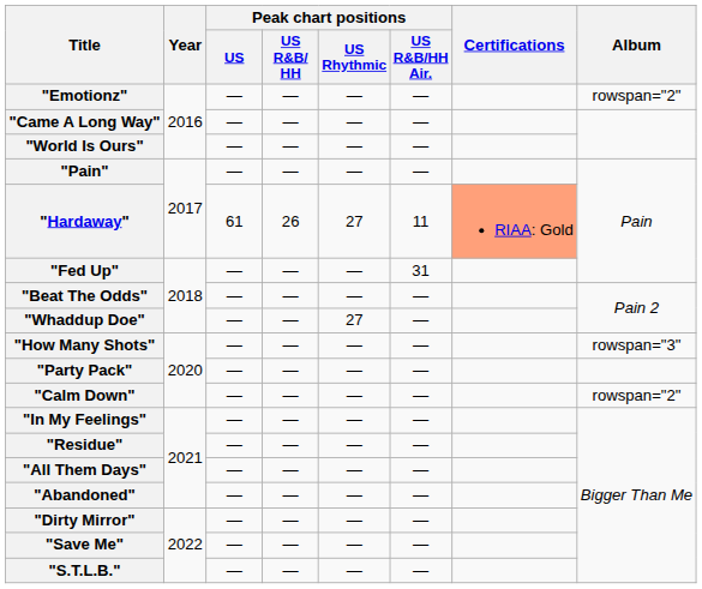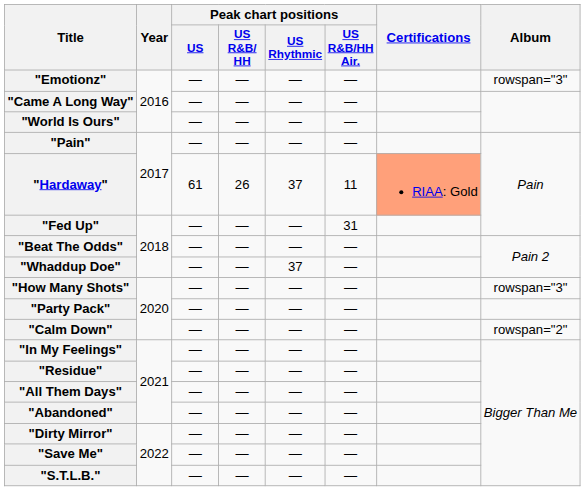 <table class="wikitable plainrowheaders" style="text-align:center;">
 <tr>
 <th rowspan="2">Title</th>
 <th rowspan="2">Year</th>
 <th colspan="4">Peak chart positions</th>
 <th rowspan="2"><a href='#'>Certifications</a></th>
 <th rowspan="2">Album</th>
 </tr>
 <tr>
 <th scope="col" style="width:3.5em;font-size:90%;"><a href='#'>US</a><br></th>
 <th scope="col" style="width:3.5em;font-size:90%;"><a href='#'>US<br>R&B/<br>HH</a><br></th>
 <th scope="col" style="width:3.5em;font-size:90%;"><a href='#'>US<br>Rhythmic</a><br></th>
 <th scope="col" style="width:3.5em;font-size:90%;"><a href='#'>US<br>R&B/HH<br>Air.</a><br></th>
 </tr>
 <tr>
 <th scope="row">"Emotionz"<br></th>
 <td rowspan="3">2016</td>
 <td>—</td>
 <td>—</td>
 <td>—</td>
 <td>—</td>
 <td></td>
-<td>rowspan="2" </td>
+<td>rowspan="3" </td>
 </tr>
 <tr>
 <th scope="row">"Came A Long Way"<br></th>
 <td>—</td>
 <td>—</td>
 <td>—</td>
 <td>—</td>
 <td></td>
 </tr>
 <tr>
 <th scope="row">"World Is Ours"<br></th>
 <td>—</td>
 <td>—</td>
 <td>—</td>
 <td>—</td>
 <td></td>
 </tr>
 <tr>
 <th scope="row">"Pain"</th>
 <td rowspan="2">2017</td>
 <td>—</td>
 <td>—</td>
 <td>—</td>
 <td>—</td>
 <td></td>
 <td rowspan="3"><em>Pain</em></td>
 </tr>
 <tr>
 <th scope="row">"<a href='#'>Hardaway</a>"<br></th>
 <td>61</td>
 <td>26</td>
-<td>27</td>
+<td>37</td>
 <td>11</td>
 <td style="background: lightsalmon;"><br><ul><li><a href='#'>RIAA</a>: Gold</li></ul></td>
 </tr>
 <tr>
 <th scope="row">"Fed Up"</th>
 <td rowspan="3">2018</td>
 <td>—</td>
 <td>—</td>
 <td>—</td>
 <td>31</td>
 <td></td>
 </tr>
 <tr>
 <th scope="row">"Beat The Odds"<br></th>
 <td>—</td>
 <td>—</td>
 <td>—</td>
 <td>—</td>
 <td></td>
 <td rowspan="2"><em>Pain 2</em></td>
 </tr>
 <tr>
 <th scope="row">"Whaddup Doe"<br></th>
 <td>—</td>
 <td>—</td>
-<td>27</td>
+<td>37</td>
 <td>—</td>
 <td></td>
 </tr>
 <tr>
 <th scope="row">"How Many Shots"</th>
 <td rowspan="3">2020</td>
 <td>—</td>
 <td>—</td>
 <td>—</td>
 <td>—</td>
 <td></td>
 <td>rowspan="3" </td>
 </tr>
 <tr>
 <th scope="row">"Party Pack"</th>
 <td>—</td>
 <td>—</td>
 <td>—</td>
 <td>—</td>
 <td></td>
 </tr>
 <tr>
 <th scope="row">"Calm Down"</th>
 <td>—</td>
 <td>—</td>
 <td>—</td>
 <td>—</td>
 <td></td>
 <td>rowspan="2" </td>
 </tr>
 <tr>
 <th scope="row">"In My Feelings"</th>
 <td rowspan="4">2021</td>
 <td>—</td>
 <td>—</td>
 <td>—</td>
 <td>—</td>
 <td></td>
 <td rowspan="7"><em>Bigger Than Me</em></td>
 </tr>
 <tr>
 <th scope="row">"Residue"<br></th>
 <td>—</td>
 <td>—</td>
 <td>—</td>
 <td>—</td>
 <td></td>
 </tr>
 <tr>
 <th scope="row">"All Them Days"<br></th>
 <td>—</td>
 <td>—</td>
 <td>—</td>
 <td>—</td>
 <td></td>
 </tr>
 <tr>
 <th scope="row">"Abandoned"</th>
 <td>—</td>
 <td>—</td>
 <td>—</td>
 <td>—</td>
 <td></td>
 </tr>
 <tr>
 <th scope="row">"Dirty Mirror"</th>
 <td rowspan="3">2022</td>
 <td>—</td>
 <td>—</td>
 <td>—</td>
 <td>—</td>
 <td></td>
 </tr>
 <tr>
 <th scope="row">"Save Me"<br></th>
 <td>—</td>
 <td>—</td>
 <td>—</td>
 <td>—</td>
 <td></td>
 </tr>
 <tr>
 <th scope="row">"S.T.L.B."<br></th>
 <td>—</td>
 <td>—</td>
 <td>—</td>
 <td>—</td>
 <td></td>
 </tr>
 </table>
